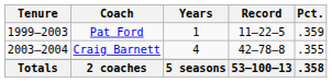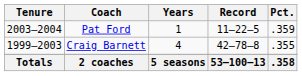 <table class= "wikitable">
 <tr>
 <th>Tenure</th>
 <th>Coach</th>
 <th>Years</th>
 <th>Record</th>
 <th>Pct.</th>
 </tr>
 <tr align="center">
-<td>1999–2003</td>
+<td>2003–2004</td>
 <td><a href='#'>Pat Ford</a></td>
 <td>1</td>
 <td>11–22–5</td>
 <td>.359</td>
 </tr>
 <tr align="center">
-<td>2003–2004</td>
+<td>1999–2003</td>
 <td><a href='#'>Craig Barnett</a></td>
 <td>4</td>
 <td>42–78–8</td>
 <td>.355</td>
 </tr>
 <tr align="center">
 </tr>
 <tr align=center>
 <th>Totals</th>
 <th>2 coaches</th>
 <th>5 seasons</th>
 <th>53–100–13</th>
 <th>.358</th>
 </tr>
 </table>
